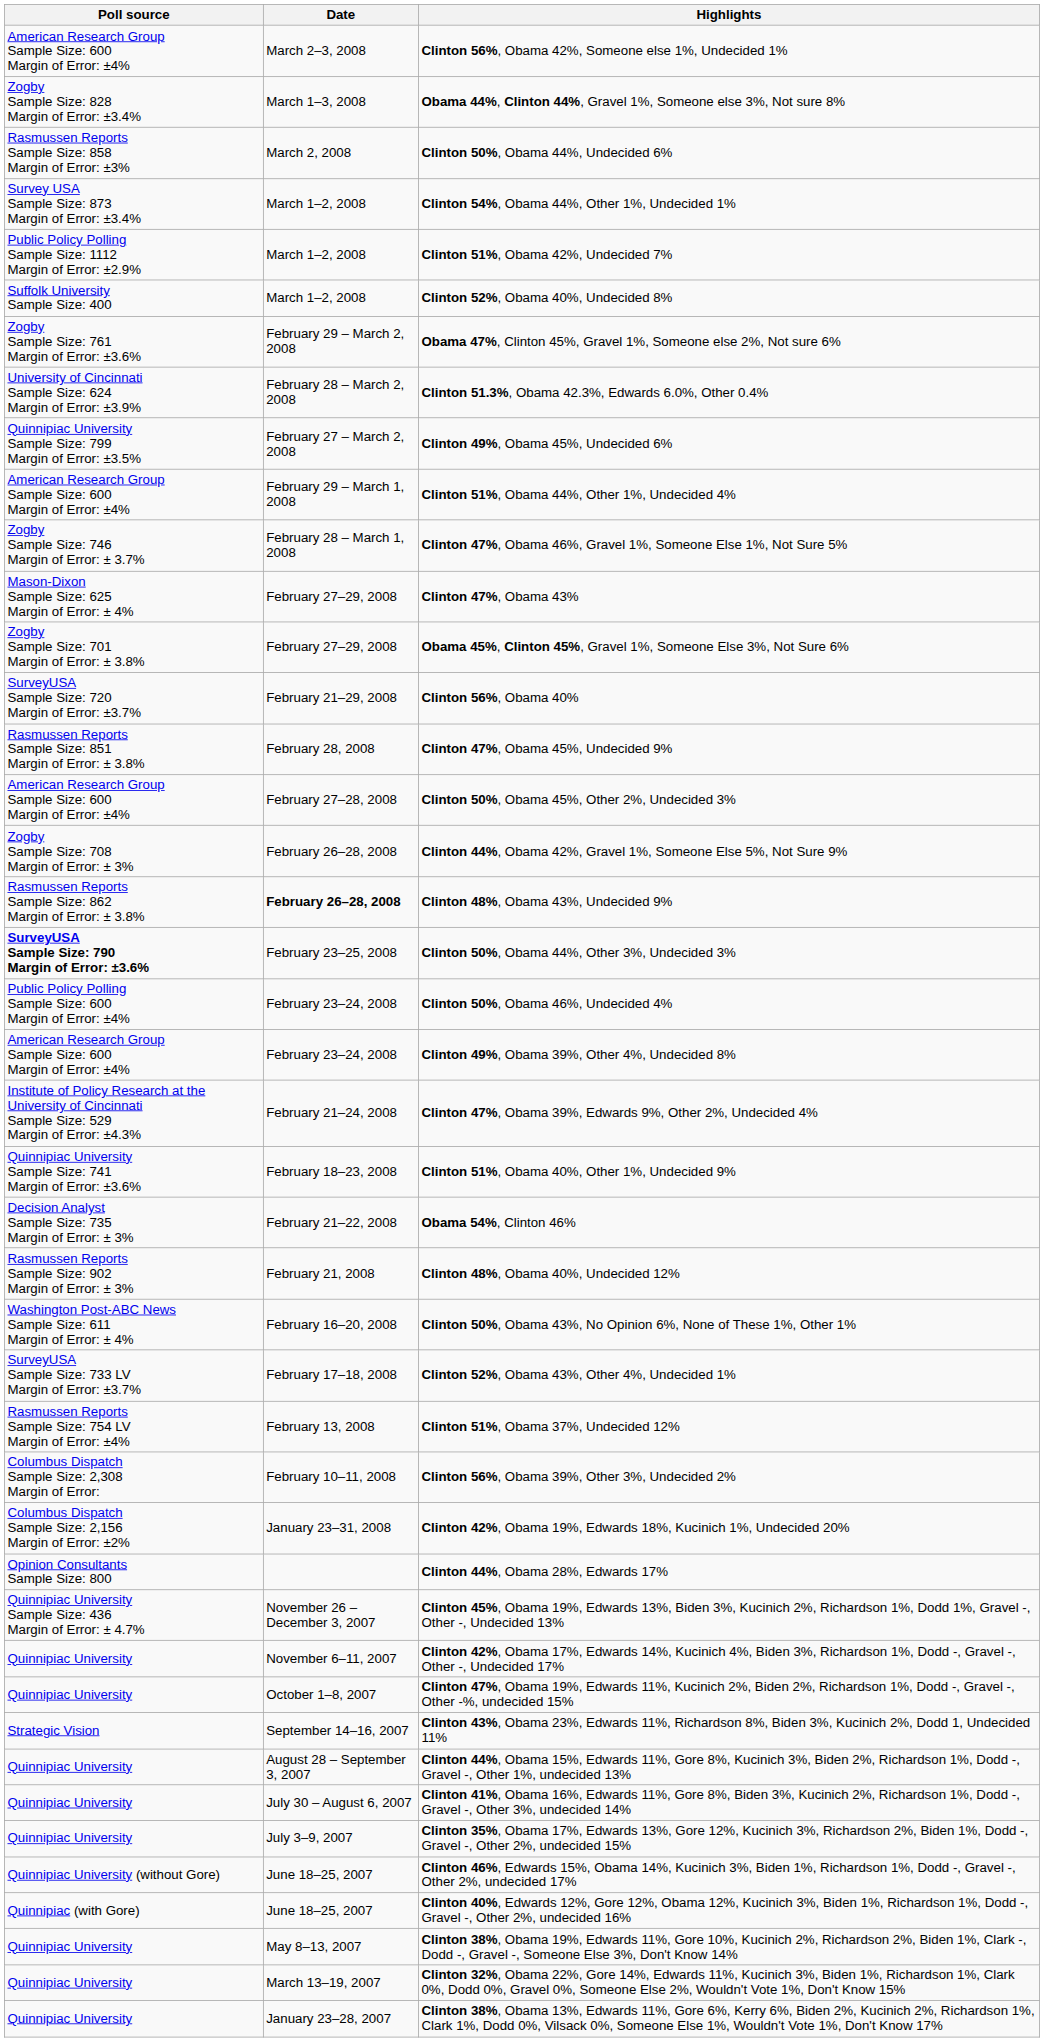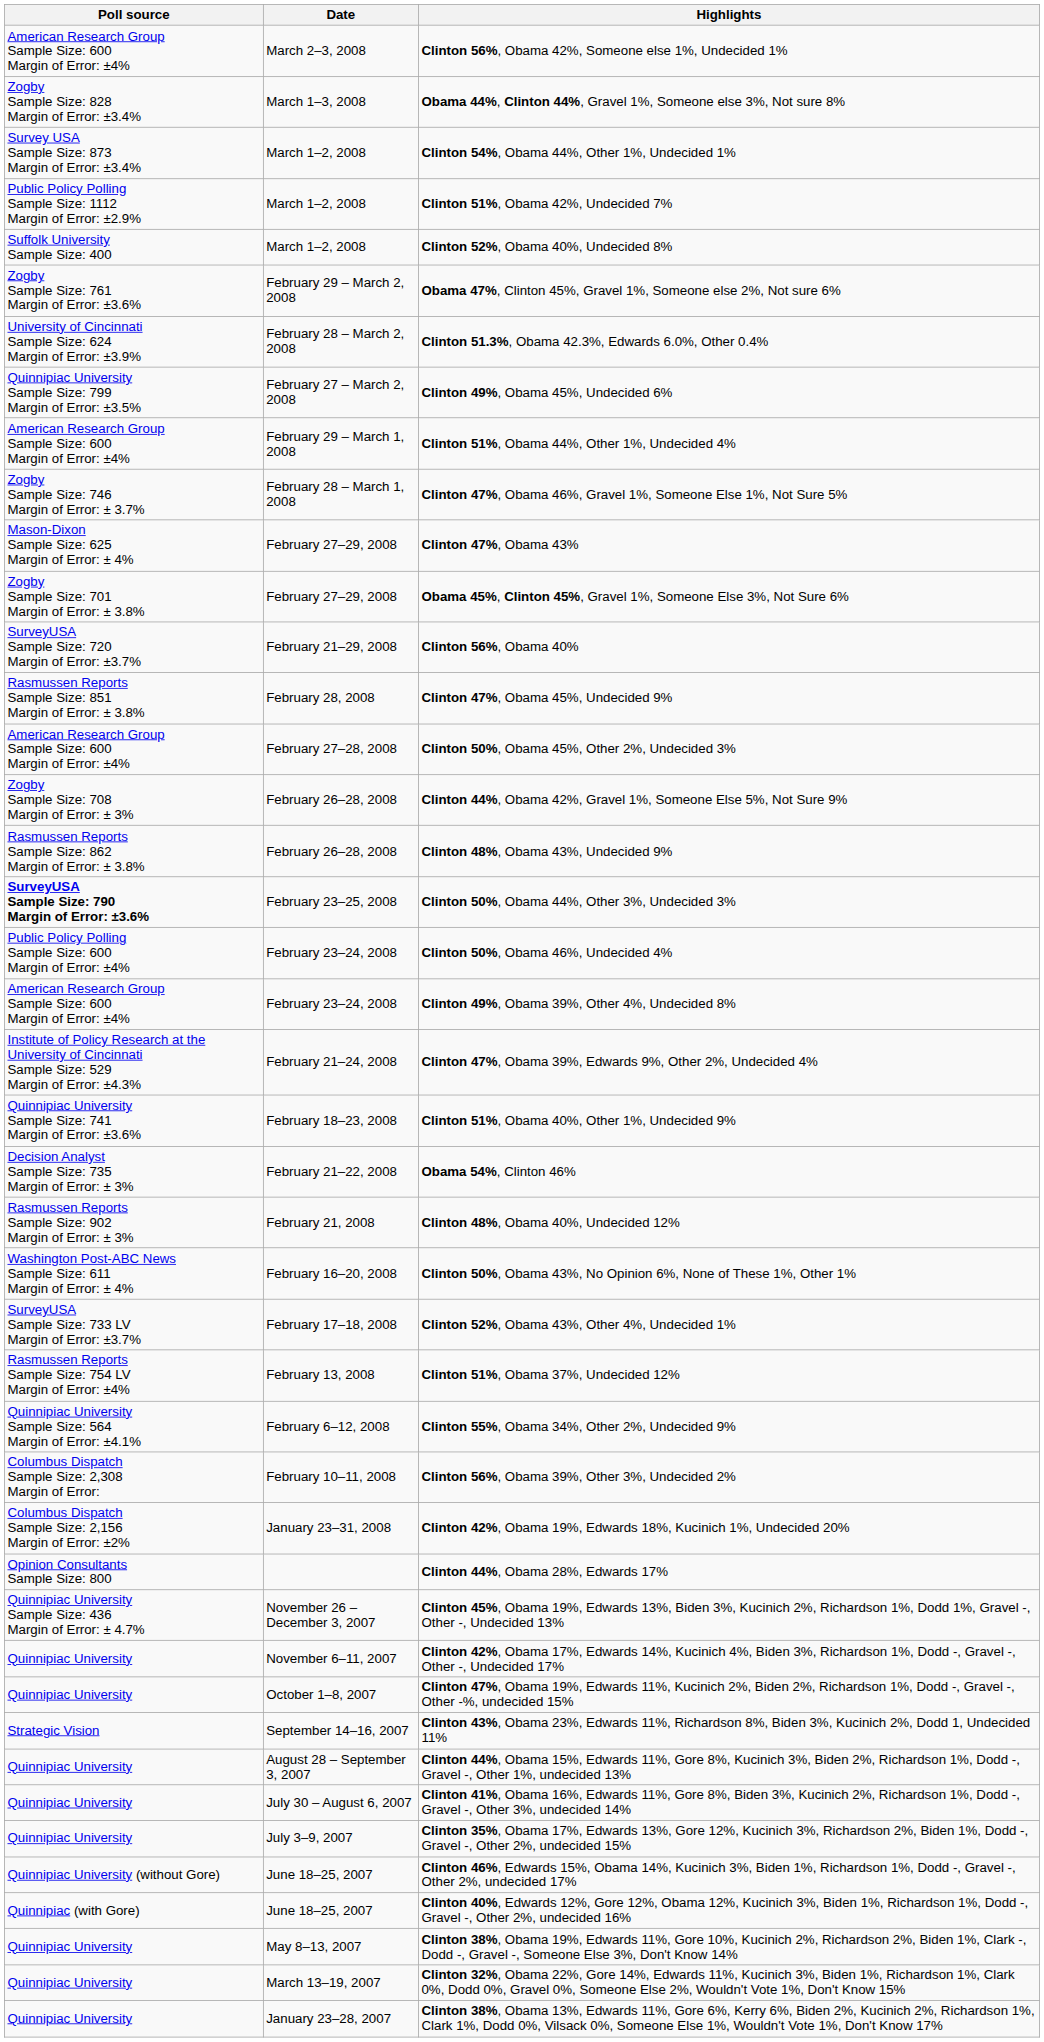 <table class="wikitable sortable">
 <tr>
 <th width="25%">Poll source</th>
 <th width="15%">Date</th>
 <th width="60%">Highlights</th>
 </tr>
 <tr>
 <td><a href='#'>American Research Group</a><br>Sample Size: 600<br> Margin of Error: ±4%</td>
 <td>March 2–3, 2008</td>
 <td><strong>Clinton 56%</strong>, Obama 42%, Someone else 1%, Undecided 1%</td>
 </tr>
 <tr>
 <td><a href='#'>Zogby</a><br>Sample Size: 828<br> Margin of Error: ±3.4%</td>
 <td>March 1–3, 2008</td>
 <td><strong>Obama 44%</strong>, <strong>Clinton 44%</strong>, Gravel 1%, Someone else 3%, Not sure 8%</td>
-</tr>
-<tr>
-<td><a href='#'>Rasmussen Reports</a><br>Sample Size: 858<br> Margin of Error: ±3%</td>
-<td>March 2, 2008</td>
-<td><strong>Clinton 50%</strong>, Obama 44%, Undecided 6%</td>
 </tr>
 <tr>
 <td><a href='#'>Survey USA</a><br>Sample Size: 873<br> Margin of Error: ±3.4%</td>
 <td>March 1–2, 2008</td>
 <td><strong>Clinton 54%</strong>, Obama 44%, Other 1%, Undecided 1%</td>
 </tr>
 <tr>
 <td><a href='#'>Public Policy Polling</a><br>Sample Size: 1112<br> Margin of Error: ±2.9%</td>
 <td>March 1–2, 2008</td>
 <td><strong>Clinton 51%</strong>, Obama 42%, Undecided 7%</td>
 </tr>
 <tr>
 <td><a href='#'>Suffolk University</a><br>Sample Size: 400<br></td>
 <td>March 1–2, 2008</td>
 <td><strong>Clinton 52%</strong>, Obama 40%, Undecided 8%</td>
 </tr>
 <tr>
 <td><a href='#'>Zogby</a><br>Sample Size: 761<br> Margin of Error: ±3.6%</td>
 <td>February 29 – March 2, 2008</td>
 <td><strong>Obama 47%</strong>, Clinton 45%, Gravel 1%, Someone else 2%, Not sure 6%</td>
 </tr>
 <tr>
 <td><a href='#'>University of Cincinnati</a><br>Sample Size: 624<br> Margin of Error: ±3.9%</td>
 <td>February 28 – March 2, 2008</td>
 <td><strong>Clinton 51.3%</strong>, Obama 42.3%, Edwards 6.0%, Other 0.4%</td>
 </tr>
 <tr>
 <td><a href='#'>Quinnipiac University</a><br>Sample Size: 799<br> Margin of Error: ±3.5%</td>
 <td>February 27 – March 2, 2008</td>
 <td><strong>Clinton 49%</strong>, Obama 45%, Undecided 6%</td>
 </tr>
 <tr>
 <td><a href='#'>American Research Group</a><br>Sample Size: 600<br> Margin of Error: ±4%</td>
 <td>February 29 – March 1, 2008</td>
 <td><strong>Clinton 51%</strong>, Obama 44%, Other 1%, Undecided 4%</td>
 </tr>
 <tr>
 <td><a href='#'>Zogby</a><br>Sample Size: 746<br> Margin of Error: ± 3.7%</td>
 <td>February 28 – March 1, 2008</td>
 <td><strong>Clinton 47%</strong>, Obama 46%, Gravel 1%, Someone Else 1%, Not Sure 5%</td>
 </tr>
 <tr>
 <td><a href='#'>Mason-Dixon</a><br>Sample Size: 625<br> Margin of Error: ± 4%</td>
 <td>February 27–29, 2008</td>
 <td><strong>Clinton 47%</strong>, Obama 43%</td>
 </tr>
 <tr>
 <td><a href='#'>Zogby</a><br>Sample Size: 701<br> Margin of Error: ± 3.8%</td>
 <td>February 27–29, 2008</td>
 <td><strong>Obama 45%</strong>, <strong>Clinton 45%</strong>, Gravel 1%, Someone Else 3%, Not Sure 6%</td>
 </tr>
 <tr>
 <td><a href='#'>SurveyUSA</a><br>Sample Size: 720<br> Margin of Error: ±3.7%</td>
 <td>February 21–29, 2008</td>
 <td><strong>Clinton 56%</strong>, Obama 40%</td>
 </tr>
 <tr>
 <td><a href='#'>Rasmussen Reports</a><br>Sample Size: 851<br> Margin of Error: ± 3.8%</td>
 <td>February 28, 2008</td>
 <td><strong>Clinton 47%</strong>, Obama 45%,  Undecided 9%</td>
 </tr>
 <tr>
 <td><a href='#'>American Research Group</a><br>Sample Size: 600<br> Margin of Error: ±4%</td>
 <td>February 27–28, 2008</td>
 <td><strong>Clinton 50%</strong>, Obama 45%, Other 2%, Undecided 3%</td>
 </tr>
 <tr>
 <td><a href='#'>Zogby</a><br>Sample Size: 708<br> Margin of Error: ± 3%</td>
 <td>February 26–28, 2008</td>
 <td><strong>Clinton 44%</strong>, Obama 42%, Gravel 1%, Someone Else 5%, Not Sure 9%</td>
 </tr>
 <tr>
 <td><a href='#'>Rasmussen Reports</a><br>Sample Size: 862<br> Margin of Error: ± 3.8%</td>
-<td><strong>February 26–28, 2008</strong></td>
+<td>February 26–28, 2008</td>
 <td><strong>Clinton 48%</strong>, Obama 43%,  Undecided 9%</td>
 </tr>
 <tr>
 <td><strong><a href='#'>SurveyUSA</a><br>Sample Size: 790 <br> Margin of Error: ±3.6%</strong></td>
 <td>February 23–25, 2008</td>
 <td><strong>Clinton 50%</strong>, Obama 44%, Other 3%, Undecided 3%</td>
 </tr>
 <tr>
 <td><a href='#'>Public Policy Polling</a><br>Sample Size: 600<br> Margin of Error: ±4%</td>
 <td>February 23–24, 2008</td>
 <td><strong>Clinton 50%</strong>, Obama 46%, Undecided 4%</td>
 </tr>
 <tr>
 <td><a href='#'>American Research Group</a><br>Sample Size: 600<br> Margin of Error: ±4%</td>
 <td>February 23–24, 2008</td>
 <td><strong>Clinton 49%</strong>, Obama 39%, Other 4%, Undecided 8%</td>
 </tr>
 <tr>
 <td><a href='#'>Institute of Policy Research at the University of Cincinnati</a><br>Sample Size: 529<br> Margin of Error: ±4.3%</td>
 <td>February 21–24, 2008</td>
 <td><strong>Clinton 47%</strong>, Obama 39%, Edwards 9%, Other 2%, Undecided 4%</td>
 </tr>
 <tr>
 <td><a href='#'>Quinnipiac University</a><br>Sample Size: 741<br> Margin of Error: ±3.6%</td>
 <td>February 18–23, 2008</td>
 <td><strong>Clinton 51%</strong>, Obama 40%, Other 1%, Undecided 9%</td>
 </tr>
 <tr>
 <td><a href='#'>Decision Analyst</a><br>Sample Size: 735<br> Margin of Error: ± 3%</td>
 <td>February 21–22, 2008</td>
 <td><strong>Obama 54%</strong>, Clinton 46%</td>
 </tr>
 <tr>
 <td><a href='#'>Rasmussen Reports</a><br>Sample Size: 902<br> Margin of Error: ± 3%</td>
 <td>February 21, 2008</td>
 <td><strong>Clinton 48%</strong>, Obama 40%, Undecided 12%</td>
 </tr>
 <tr>
 <td><a href='#'>Washington Post-ABC News</a><br>Sample Size: 611<br> Margin of Error: ± 4%</td>
 <td>February 16–20, 2008</td>
 <td><strong>Clinton 50%</strong>, Obama 43%, No Opinion 6%, None of These 1%, Other 1%</td>
 </tr>
 <tr>
 <td><a href='#'>SurveyUSA</a><br>Sample Size: 733 LV<br> Margin of Error: ±3.7%</td>
 <td>February 17–18, 2008</td>
 <td><strong>Clinton 52%</strong>, Obama 43%, Other 4%, Undecided 1%</td>
 </tr>
 <tr>
 <td><a href='#'>Rasmussen Reports</a><br>Sample Size: 754 LV<br> Margin of Error: ±4%</td>
 <td>February 13, 2008</td>
 <td><strong>Clinton 51%</strong>, Obama 37%, Undecided 12%</td>
+</tr>
+<tr>
+<td><a href='#'>Quinnipiac University</a><br>Sample Size: 564<br> Margin of Error: ±4.1%</td>
+<td>February 6–12, 2008</td>
+<td><strong>Clinton 55%</strong>, Obama 34%, Other 2%, Undecided 9%</td>
 </tr>
 <tr>
 <td><a href='#'>Columbus Dispatch</a><br>Sample Size: 2,308<br> Margin of Error:</td>
 <td>February 10–11, 2008</td>
 <td><strong>Clinton 56%</strong>, Obama 39%, Other 3%, Undecided 2%</td>
 </tr>
 <tr>
 <td><a href='#'>Columbus Dispatch</a><br>Sample Size: 2,156<br> Margin of Error: ±2%</td>
 <td>January 23–31, 2008</td>
 <td><strong>Clinton 42%</strong>, Obama 19%, Edwards 18%, Kucinich 1%, Undecided 20%</td>
 </tr>
 <tr>
 <td><a href='#'>Opinion Consultants</a><br>Sample Size: 800</td>
 <td></td>
 <td><strong>Clinton 44%</strong>, Obama 28%, Edwards 17%</td>
 </tr>
 <tr>
 <td><a href='#'>Quinnipiac University</a><br>Sample Size: 436<br> Margin of Error: ± 4.7%</td>
 <td>November 26 – December 3, 2007</td>
 <td><strong>Clinton 45%</strong>, Obama 19%, Edwards 13%, Biden 3%, Kucinich 2%, Richardson 1%, Dodd 1%, Gravel -, Other -, Undecided 13%</td>
 </tr>
 <tr>
 <td><a href='#'>Quinnipiac University</a></td>
 <td>November 6–11, 2007</td>
 <td><strong>Clinton 42%</strong>, Obama 17%, Edwards 14%, Kucinich 4%, Biden 3%, Richardson 1%, Dodd -, Gravel -, Other -, Undecided 17%</td>
 </tr>
 <tr>
 <td><a href='#'>Quinnipiac University</a></td>
 <td>October 1–8, 2007</td>
 <td><strong>Clinton 47%</strong>, Obama 19%, Edwards 11%, Kucinich 2%, Biden 2%, Richardson 1%, Dodd -, Gravel -, Other -%, undecided 15%</td>
 </tr>
 <tr>
 <td><a href='#'>Strategic Vision</a></td>
 <td>September 14–16, 2007</td>
 <td><strong>Clinton 43%</strong>, Obama 23%, Edwards 11%, Richardson 8%, Biden 3%, Kucinich 2%, Dodd 1, Undecided 11%</td>
 </tr>
 <tr>
 <td><a href='#'>Quinnipiac University</a></td>
 <td>August 28 – September 3, 2007</td>
 <td><strong>Clinton 44%</strong>, Obama 15%, Edwards 11%, Gore 8%, Kucinich 3%, Biden 2%, Richardson 1%, Dodd -, Gravel -, Other 1%, undecided 13%</td>
 </tr>
 <tr>
 <td><a href='#'>Quinnipiac University</a></td>
 <td>July 30 – August 6, 2007</td>
 <td><strong>Clinton 41%</strong>, Obama 16%, Edwards 11%, Gore 8%, Biden 3%, Kucinich 2%, Richardson 1%, Dodd -, Gravel -, Other 3%, undecided 14%</td>
 </tr>
 <tr>
 <td><a href='#'>Quinnipiac University</a></td>
 <td>July 3–9, 2007</td>
 <td><strong>Clinton 35%</strong>, Obama 17%, Edwards 13%, Gore 12%, Kucinich 3%, Richardson 2%, Biden 1%, Dodd -, Gravel -, Other 2%, undecided 15%</td>
 </tr>
 <tr>
 <td><a href='#'>Quinnipiac University</a> (without Gore)</td>
 <td>June 18–25, 2007</td>
 <td><strong>Clinton 46%</strong>, Edwards 15%, Obama 14%, Kucinich 3%, Biden 1%, Richardson 1%, Dodd -, Gravel -, Other 2%, undecided 17%</td>
 </tr>
 <tr>
 <td><a href='#'>Quinnipiac</a> (with Gore)</td>
 <td>June 18–25, 2007</td>
 <td><strong>Clinton 40%</strong>, Edwards 12%, Gore 12%, Obama 12%, Kucinich 3%, Biden 1%, Richardson 1%, Dodd -, Gravel -, Other 2%, undecided 16%</td>
 </tr>
 <tr>
 <td><a href='#'>Quinnipiac University</a></td>
 <td>May 8–13, 2007</td>
 <td><strong>Clinton 38%</strong>, Obama 19%, Edwards 11%, Gore 10%, Kucinich 2%, Richardson 2%, Biden 1%, Clark -, Dodd -, Gravel -, Someone Else 3%, Don't Know 14%</td>
 </tr>
 <tr>
 <td><a href='#'>Quinnipiac University</a></td>
 <td>March 13–19, 2007</td>
 <td><strong>Clinton 32%</strong>, Obama 22%, Gore 14%, Edwards 11%, Kucinich 3%, Biden 1%, Richardson 1%, Clark 0%, Dodd 0%, Gravel 0%, Someone Else 2%, Wouldn't Vote 1%, Don't Know 15%</td>
 </tr>
 <tr>
 <td><a href='#'>Quinnipiac University</a></td>
 <td>January 23–28, 2007</td>
 <td><strong>Clinton 38%</strong>, Obama 13%, Edwards 11%, Gore 6%, Kerry 6%, Biden 2%, Kucinich 2%, Richardson 1%, Clark 1%, Dodd 0%, Vilsack 0%, Someone Else 1%, Wouldn't Vote 1%, Don't Know 17%</td>
 </tr>
 </table>
